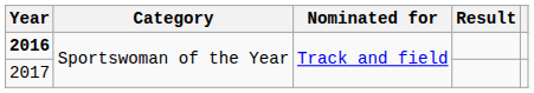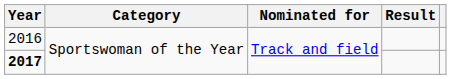 <table class="wikitable plainrowheaders">
 <tr>
 <th scope="col">Year</th>
 <th scope="col">Category</th>
 <th scope="col">Nominated for</th>
 <th scope="col">Result</th>
 <th scope="col"></th>
 </tr>
 <tr>
-<td align="center"><strong>2016</strong></td>
+<td align="center">2016</td>
 <td rowspan = "2">Sportswoman of the Year</td>
 <td rowspan = "2"><a href='#'>Track and field</a></td>
 <td></td>
 <td></td>
 </tr>
 <tr>
-<td align="center">2017</td>
+<td align="center"><strong>2017</strong></td>
 <td></td>
 <td></td>
 </tr>
 </table>
